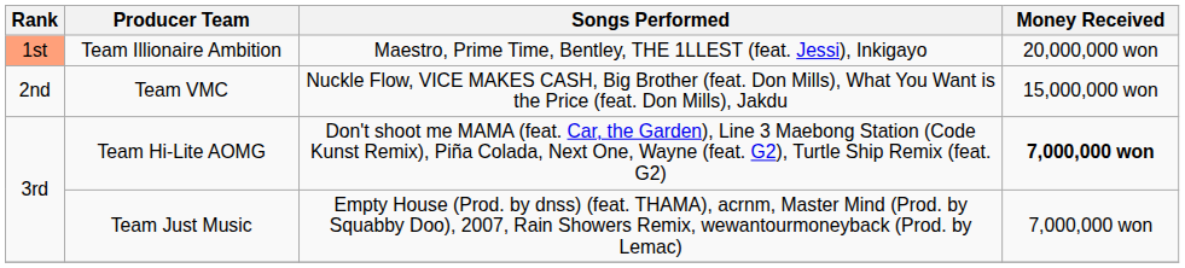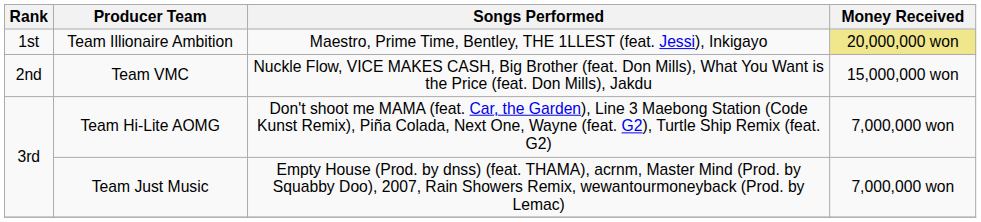 <table class="wikitable" style="text-align: center; width:50%;">
 <tr>
 <th style="width:5%;">Rank</th>
 <th style="width:20%;">Producer Team</th>
 <th style="width:60%;">Songs Performed</th>
 <th style="width:15%;">Money Received</th>
 </tr>
 <tr>
-<td style="background: lightsalmon;">1st</td>
+<td>1st</td>
 <td>Team Illionaire Ambition</td>
 <td>Maestro, Prime Time, Bentley, THE 1LLEST (feat. <a href='#'>Jessi</a>), Inkigayo</td>
-<td>20,000,000 won</td>
+<td style="background: khaki;">20,000,000 won</td>
 </tr>
 <tr>
 <td>2nd</td>
 <td>Team VMC</td>
 <td>Nuckle Flow, VICE MAKES CASH, Big Brother (feat. Don Mills), What You Want is the Price (feat. Don Mills), Jakdu</td>
 <td>15,000,000 won</td>
 </tr>
 <tr>
 <td rowspan="2">3rd</td>
 <td>Team Hi-Lite AOMG</td>
 <td>Don't shoot me MAMA (feat. <a href='#'>Car, the Garden</a>), Line 3 Maebong Station (Code Kunst Remix), Piña Colada, Next One, Wayne (feat. <a href='#'>G2</a>), Turtle Ship Remix (feat. G2)</td>
-<td><strong>7,000,000 won</strong></td>
+<td>7,000,000 won</td>
 </tr>
 <tr>
 <td>Team Just Music</td>
 <td>Empty House (Prod. by dnss) (feat. THAMA), acrnm, Master Mind (Prod. by Squabby Doo), 2007, Rain Showers Remix, wewantourmoneyback (Prod. by Lemac)</td>
 <td>7,000,000 won</td>
 </tr>
 <tr>
 </tr>
 </table>
